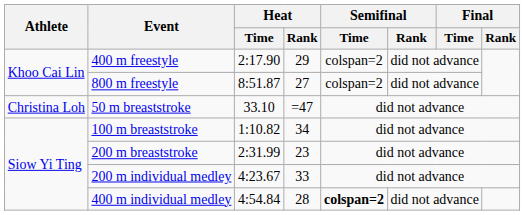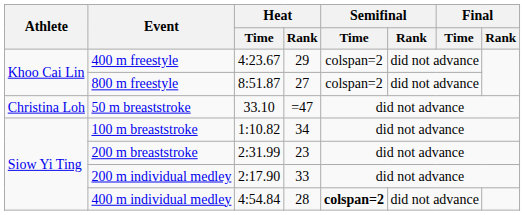 <table class=wikitable style="font-size:90%">
 <tr>
 <th rowspan="2">Athlete</th>
 <th rowspan="2">Event</th>
 <th colspan="2">Heat</th>
 <th colspan="2">Semifinal</th>
 <th colspan="2">Final</th>
 </tr>
 <tr style="font-size:95%">
 <th>Time</th>
 <th>Rank</th>
 <th>Time</th>
 <th>Rank</th>
 <th>Time</th>
 <th>Rank</th>
 </tr>
 <tr align=center>
 <td align=left rowspan=2><a href='#'>Khoo Cai Lin</a></td>
 <td align=left><a href='#'>400 m freestyle</a></td>
-<td>2:17.90</td>
+<td>4:23.67</td>
 <td>29</td>
 <td>colspan=2 </td>
 <td colspan=2>did not advance</td>
 </tr>
 <tr align=center>
 <td align=left><a href='#'>800 m freestyle</a></td>
 <td>8:51.87</td>
 <td>27</td>
 <td>colspan=2 </td>
 <td colspan=2>did not advance</td>
 </tr>
 <tr align=center>
 <td align=left><a href='#'>Christina Loh</a></td>
 <td align=left><a href='#'>50 m breaststroke</a></td>
 <td>33.10</td>
 <td>=47</td>
 <td colspan=4>did not advance</td>
 </tr>
 <tr align=center>
 <td align=left rowspan=4><a href='#'>Siow Yi Ting</a></td>
 <td align=left><a href='#'>100 m breaststroke</a></td>
 <td>1:10.82</td>
 <td>34</td>
 <td colspan=4>did not advance</td>
 </tr>
 <tr align=center>
 <td align=left><a href='#'>200 m breaststroke</a></td>
 <td>2:31.99</td>
 <td>23</td>
 <td colspan=4>did not advance</td>
 </tr>
 <tr align=center>
 <td align=left><a href='#'>200 m individual medley</a></td>
-<td>4:23.67</td>
+<td>2:17.90</td>
 <td>33</td>
 <td colspan=4>did not advance</td>
 </tr>
 <tr align=center>
 <td align=left><a href='#'>400 m individual medley</a></td>
 <td>4:54.84</td>
 <td>28</td>
 <td><strong>colspan=2 </strong></td>
 <td colspan=2>did not advance</td>
 </tr>
 </table>
